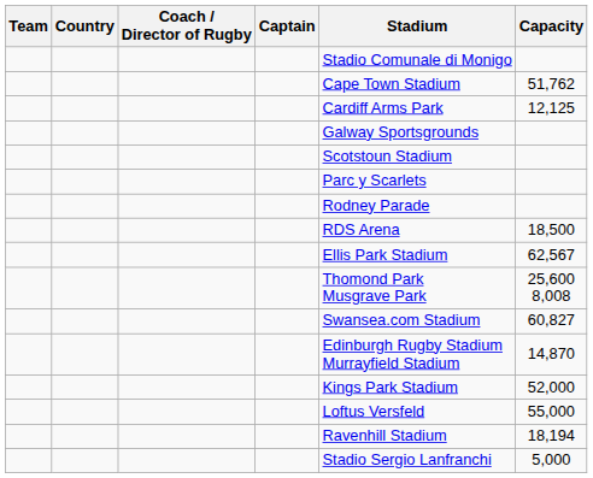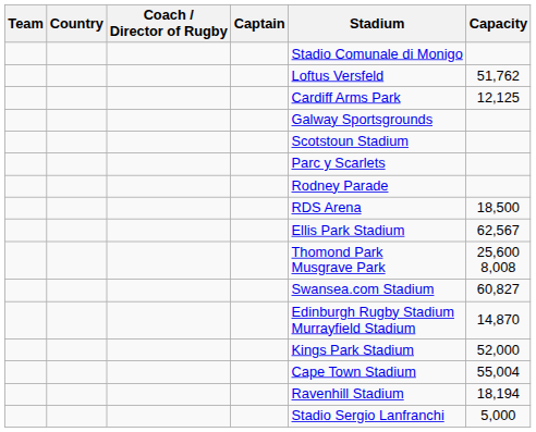 <table class="wikitable sortable">
 <tr>
 <th>Team</th>
 <th>Country</th>
 <th>Coach /<br>Director of Rugby</th>
 <th>Captain</th>
 <th>Stadium</th>
 <th>Capacity</th>
 </tr>
 <tr>
 <td></td>
 <td></td>
 <td></td>
 <td> <br> </td>
 <td><a href='#'>Stadio Comunale di Monigo</a></td>
 <td style="text-align:center;"></td>
 </tr>
 <tr>
 <td></td>
 <td></td>
 <td></td>
 <td></td>
-<td><a href='#'>Cape Town Stadium</a></td>
+<td><a href='#'>Loftus Versfeld</a></td>
 <td style="text-align:center;">51,762</td>
 </tr>
 <tr>
 <td></td>
 <td></td>
 <td></td>
 <td></td>
 <td><a href='#'>Cardiff Arms Park</a></td>
 <td style="text-align:center;">12,125</td>
 </tr>
 <tr>
 <td></td>
 <td></td>
 <td></td>
 <td></td>
 <td><a href='#'>Galway Sportsgrounds</a></td>
 <td style="text-align:center;"></td>
 </tr>
 <tr>
 <td></td>
 <td></td>
 <td></td>
 <td></td>
 <td><a href='#'>Scotstoun Stadium</a></td>
 <td style="text-align:center;"></td>
 </tr>
 <tr>
 <td></td>
 <td></td>
 <td></td>
 <td> <br> </td>
 <td><a href='#'>Parc y Scarlets</a></td>
 <td style="text-align:center;"><br></td>
 </tr>
 <tr>
 <td></td>
 <td></td>
 <td></td>
 <td> <br> </td>
 <td><a href='#'>Rodney Parade</a></td>
 <td style="text-align:center;"></td>
 </tr>
 <tr>
 <td></td>
 <td></td>
 <td></td>
 <td></td>
 <td><a href='#'>RDS Arena</a></td>
 <td style="text-align:center;">18,500</td>
 </tr>
 <tr>
 <td></td>
 <td></td>
 <td></td>
 <td></td>
 <td><a href='#'>Ellis Park Stadium</a></td>
 <td style="text-align:center;">62,567</td>
 </tr>
 <tr>
 <td></td>
 <td></td>
 <td></td>
 <td></td>
 <td><a href='#'>Thomond Park</a><br><a href='#'>Musgrave Park</a></td>
 <td style="text-align:center;">25,600<br>8,008</td>
 </tr>
 <tr>
 <td></td>
 <td></td>
 <td></td>
 <td></td>
 <td><a href='#'>Swansea.com Stadium</a></td>
 <td style="text-align:center;">60,827</td>
 </tr>
 <tr>
 <td></td>
 <td></td>
 <td></td>
 <td></td>
 <td><a href='#'>Edinburgh Rugby Stadium</a><br><a href='#'>Murrayfield Stadium</a></td>
 <td style="text-align:center;">14,870</td>
 </tr>
 <tr>
 <td></td>
 <td></td>
 <td></td>
 <td> <br> </td>
 <td><a href='#'>Kings Park Stadium</a></td>
 <td style="text-align:center;">52,000</td>
 </tr>
 <tr>
 <td></td>
 <td></td>
 <td></td>
 <td> <br> </td>
-<td><a href='#'>Loftus Versfeld</a></td>
-<td style="text-align:center;">55,000</td>
+<td><a href='#'>Cape Town Stadium</a></td>
+<td style="text-align:center;">55,004</td>
 </tr>
 <tr>
 <td></td>
 <td></td>
 <td></td>
 <td></td>
 <td><a href='#'>Ravenhill Stadium</a></td>
 <td style="text-align:center;">18,194</td>
 </tr>
 <tr>
 <td></td>
 <td></td>
 <td></td>
 <td></td>
 <td><a href='#'>Stadio Sergio Lanfranchi</a></td>
 <td style="text-align:center;">5,000</td>
 </tr>
 </table>
